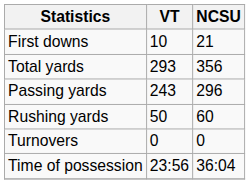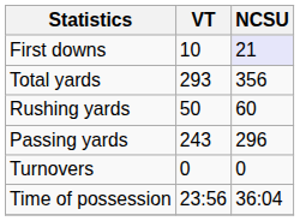 <table class="wikitable">
 <tr>
 <th>Statistics</th>
 <th>VT</th>
 <th>NCSU</th>
 </tr>
 <tr>
 <td>First downs</td>
 <td>10</td>
-<td>21</td>
+<td style="background: lavender;">21</td>
 </tr>
 <tr>
 <td>Total yards</td>
 <td>293</td>
 <td>356</td>
 </tr>
 <tr>
+<td>Rushing yards</td>
+<td>50</td>
+<td>60</td>
+</tr>
+<tr>
 <td>Passing yards</td>
 <td>243</td>
 <td>296</td>
-</tr>
-<tr>
-<td>Rushing yards</td>
-<td>50</td>
-<td>60</td>
 </tr>
 <tr>
 <td>Turnovers</td>
 <td>0</td>
 <td>0</td>
 </tr>
 <tr>
 <td>Time of possession</td>
 <td>23:56</td>
 <td>36:04</td>
 </tr>
 <tr>
 </tr>
 </table>
